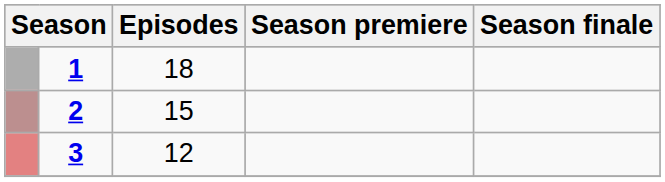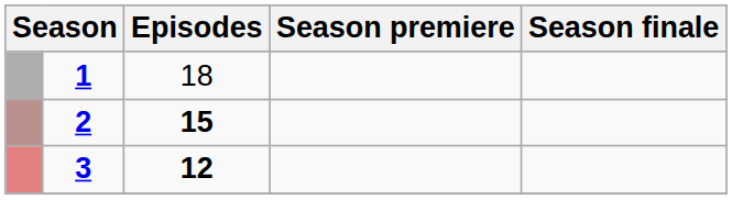 <table class="wikitable">
 <tr>
 <th colspan="2">Season</th>
 <th>Episodes</th>
 <th>Season premiere</th>
 <th>Season finale</th>
 </tr>
 <tr>
 <td style="background:#ADADAD; height:5px;"></td>
 <td style="text-align:center;"><strong><a href='#'>1</a></strong></td>
 <td style="text-align:center;">18</td>
 <td style="text-align:center;"></td>
 <td style="text-align:center;"></td>
 </tr>
 <tr>
 <td style="background:#BC8F8F; height:5px;"></td>
 <td style="text-align:center;"><strong><a href='#'>2</a></strong></td>
-<td style="text-align:center;">15</td>
+<td style="text-align:center;"><strong>15</strong></td>
 <td style="text-align:center;"></td>
 <td style="text-align:center;"></td>
 </tr>
 <tr>
 <td style="background:#E38181; height:5px;"></td>
 <td style="text-align:center;"><strong><a href='#'>3</a></strong></td>
-<td style="text-align:center;">12</td>
+<td style="text-align:center;"><strong>12</strong></td>
 <td style="text-align:center;"></td>
 <td style="text-align:center;"></td>
 </tr>
 <tr>
 </tr>
 </table>
